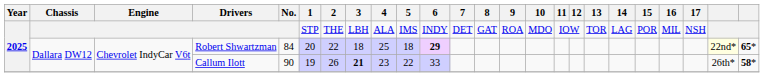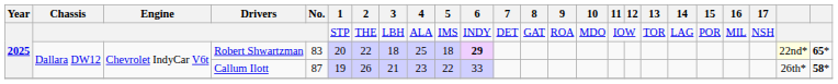 <table class="wikitable" style="text-align:center; font-size:85%">
 <tr>
 <th>Year</th>
 <th style="white-spaaace: nowrap;">Chassis</th>
 <th style="white-spaaace: nowrap;">Engine</th>
 <th style="white-spaaace: nowrap;">Drivers</th>
 <th>No.</th>
 <th>1</th>
 <th>2</th>
 <th>3</th>
 <th>4</th>
 <th>5</th>
 <th>6</th>
 <th>7</th>
 <th>8</th>
 <th>9</th>
 <th>10</th>
 <th>11</th>
 <th>12</th>
 <th>13</th>
 <th>14</th>
 <th>15</th>
 <th>16</th>
 <th>17</th>
 <th></th>
 <th></th>
 </tr>
 <tr>
 <th rowspan="3"><a href='#'>2025</a></th>
 <th colspan="4"></th>
 <td><a href='#'>STP</a></td>
 <td><a href='#'>THE</a></td>
 <td><a href='#'>LBH</a></td>
 <td><a href='#'>ALA</a></td>
 <td><a href='#'>IMS</a></td>
 <td><a href='#'>INDY</a></td>
 <td><a href='#'>DET</a></td>
 <td><a href='#'>GAT</a></td>
 <td><a href='#'>ROA</a></td>
 <td><a href='#'>MDO</a></td>
 <td colspan=2><a href='#'>IOW</a></td>
 <td><a href='#'>TOR</a></td>
 <td><a href='#'>LAG</a></td>
 <td><a href='#'>POR</a></td>
 <td><a href='#'>MIL</a></td>
 <td><a href='#'>NSH</a></td>
 <th colspan="2"></th>
 </tr>
 <tr>
 <td rowspan="2"><a href='#'>Dallara</a> <a href='#'>DW12</a></td>
 <td rowspan="2" nowrap><a href='#'>Chevrolet</a> IndyCar <a href='#'>V6</a><a href='#'>t</a></td>
 <td align="left" nowrap> <a href='#'>Robert Shwartzman</a> </td>
-<td>84</td>
+<td>83</td>
 <td style="background:#CFCFFF;">20</td>
 <td style="background:#CFCFFF;">22</td>
 <td style="background:#CFCFFF;">18</td>
 <td style="background:#CFCFFF;">25</td>
 <td style="background:#CFCFFF;">18</td>
 <td style="background:#efcfff;"><strong>29</strong></td>
 <td style="background:#;"></td>
 <td style="background:#;"></td>
 <td style="background:#;"></td>
 <td style="background:#;"></td>
 <td style="background:#;"></td>
 <td style="background:#;"></td>
 <td style="background:#;"></td>
 <td style="background:#;"></td>
 <td style="background:#;"></td>
 <td style="background:#;"></td>
 <td style="background:#;"></td>
 <td style="background: lightyellow;">22nd*</td>
 <td><strong>65</strong>*</td>
 </tr>
 <tr>
 <td align="left"> <a href='#'>Callum Ilott</a></td>
-<td>90</td>
+<td>87</td>
 <td style="background:#CFCFFF;">19</td>
 <td style="background:#CFCFFF;">26</td>
-<td style="background:#CFCFFF;"><strong>21</strong></td>
+<td style="background:#CFCFFF;">21</td>
 <td style="background:#CFCFFF;">23</td>
 <td style="background:#CFCFFF;">22</td>
 <td style="background:#CFCFFF;">33</td>
 <td style="background:#;"></td>
 <td style="background:#;"></td>
 <td style="background:#;"></td>
 <td style="background:#;"></td>
 <td style="background:#;"></td>
 <td style="background:#;"></td>
 <td style="background:#;"></td>
 <td style="background:#;"></td>
 <td style="background:#;"></td>
 <td style="background:#;"></td>
 <td style="background:#;"></td>
 <td>26th*</td>
 <td><strong>58</strong>*</td>
 </tr>
 <tr>
 </tr>
 </table>
